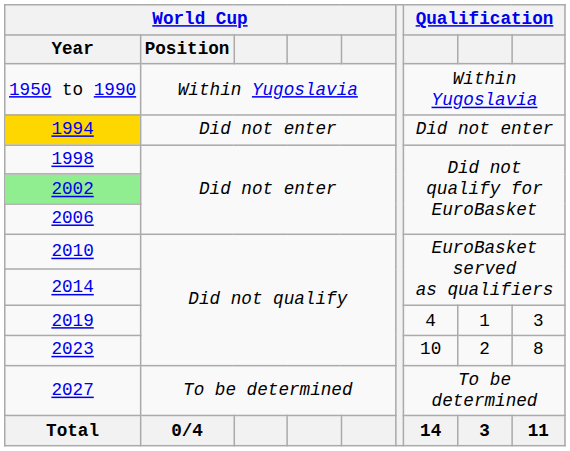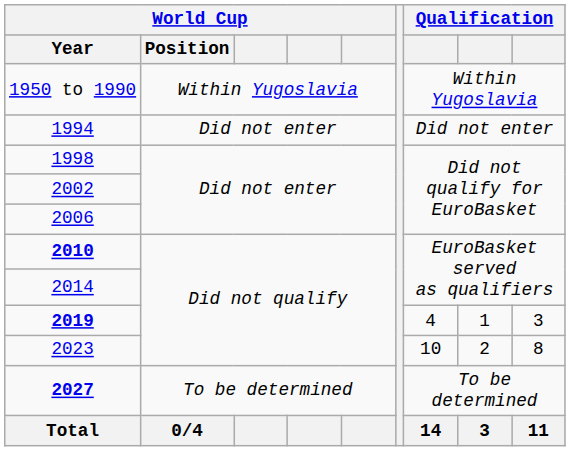 <table class="wikitable" style="text-align: center;font-size:90%;">
 <tr>
 <th colspan=5><a href='#'>World Cup</a></th>
 <th rowspan=13></th>
 <th colspan=3><a href='#'>Qualification</a></th>
 </tr>
 <tr>
 <th>Year</th>
 <th>Position</th>
 <th width=30></th>
 <th width=30></th>
 <th width=30></th>
 <th width=30></th>
 <th width=30></th>
 <th width=30></th>
 </tr>
 <tr>
 <td><a href='#'>1950</a> to <a href='#'>1990</a></td>
 <td colspan=4><em>Within <a href='#'>Yugoslavia</a></em></td>
 <td colspan=3><em>Within <a href='#'>Yugoslavia</a></em></td>
 </tr>
 <tr>
-<td style="background: gold;"> <a href='#'>1994</a></td>
+<td> <a href='#'>1994</a></td>
 <td colspan=4><em>Did not enter</em></td>
 <td colspan=3><em>Did not enter</em></td>
 </tr>
 <tr>
 <td> <a href='#'>1998</a></td>
 <td colspan=4 rowspan=3><em>Did not enter</em></td>
 <td colspan=3 rowspan=3><em>Did not qualify for EuroBasket</em></td>
 </tr>
 <tr>
-<td style="background: lightgreen;"> <a href='#'>2002</a></td>
+<td> <a href='#'>2002</a></td>
 </tr>
 <tr>
 <td> <a href='#'>2006</a></td>
 </tr>
 <tr>
-<td> <a href='#'>2010</a></td>
+<td><strong> <a href='#'>2010</a></strong></td>
 <td colspan=4 rowspan=4><em>Did not qualify</em></td>
 <td colspan=3 rowspan=2><em>EuroBasket served<br>as qualifiers</em></td>
 </tr>
 <tr>
 <td> <a href='#'>2014</a></td>
 </tr>
 <tr>
-<td> <a href='#'>2019</a></td>
+<td><strong> <a href='#'>2019</a></strong></td>
 <td>4</td>
 <td>1</td>
 <td>3</td>
 </tr>
 <tr>
 <td> <a href='#'>2023</a></td>
 <td>10</td>
 <td>2</td>
 <td>8</td>
 </tr>
 <tr>
-<td> <a href='#'>2027</a></td>
+<td><strong> <a href='#'>2027</a></strong></td>
 <td colspan=4><em>To be determined</em></td>
 <td colspan=3><em>To be determined</em></td>
 </tr>
 <tr>
 <th>Total</th>
 <th>0/4</th>
 <th></th>
 <th></th>
 <th></th>
 <th>14</th>
 <th>3</th>
 <th>11</th>
 </tr>
 </table>
